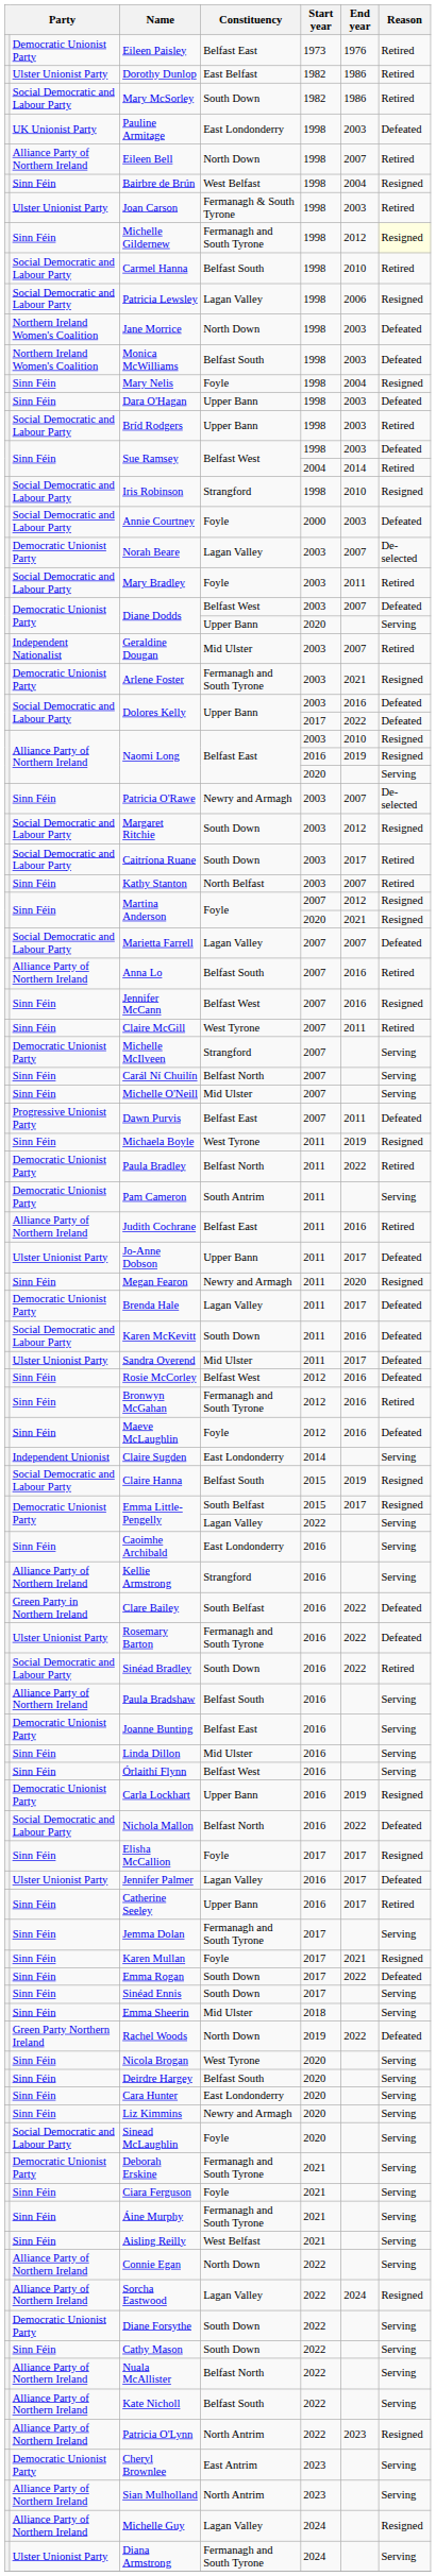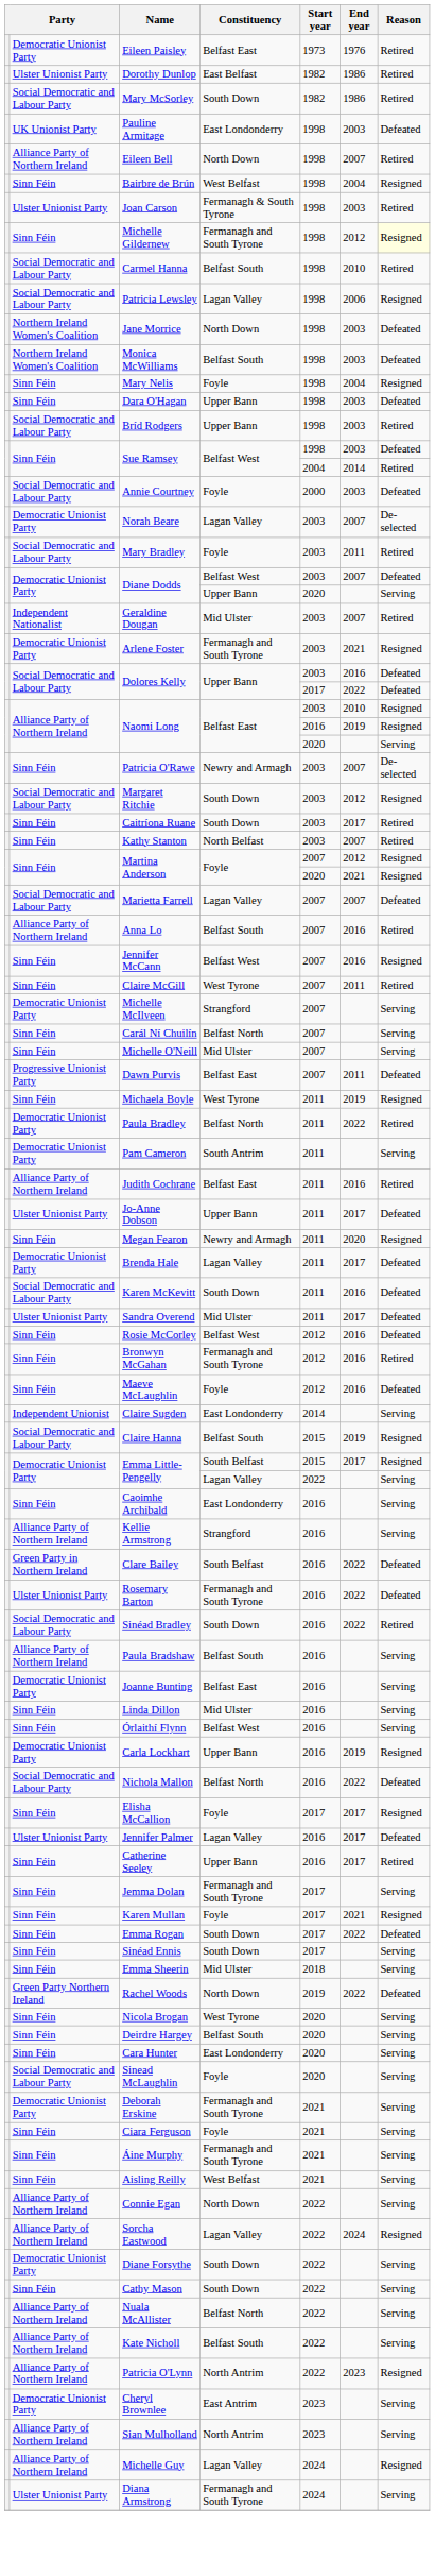 <table class="wikitable sortable">
 <tr>
 <th colspan=2>Party</th>
 <th>Name</th>
 <th>Constituency</th>
 <th>Start year</th>
 <th>End year</th>
 <th>Reason</th>
 </tr>
 <tr>
 <th style="background-color: "></th>
 <td><a href='#'>Democratic Unionist Party</a></td>
 <td><a href='#'>Eileen Paisley</a></td>
 <td>Belfast East</td>
 <td>1973</td>
 <td>1976</td>
 <td>Retired</td>
 </tr>
 <tr>
 <th style="background-color: "></th>
 <td><a href='#'>Ulster Unionist Party</a></td>
 <td><a href='#'>Dorothy Dunlop</a></td>
 <td>East Belfast</td>
 <td>1982</td>
 <td>1986</td>
 <td>Retired</td>
 </tr>
 <tr>
 <th style="background-color: "></th>
 <td><a href='#'>Social Democratic and Labour Party</a></td>
 <td><a href='#'>Mary McSorley</a></td>
 <td>South Down</td>
 <td>1982</td>
 <td>1986</td>
 <td>Retired</td>
 </tr>
 <tr>
 <th style="background-color: "></th>
 <td><a href='#'>UK Unionist Party</a></td>
 <td><a href='#'>Pauline Armitage</a></td>
 <td>East Londonderry</td>
 <td>1998</td>
 <td>2003</td>
 <td>Defeated</td>
 </tr>
 <tr>
 <th style="background-color: "></th>
 <td><a href='#'>Alliance Party of Northern Ireland</a></td>
 <td><a href='#'>Eileen Bell</a></td>
 <td>North Down</td>
 <td>1998</td>
 <td>2007</td>
 <td>Retired</td>
 </tr>
 <tr>
 <th style="background-color: "></th>
 <td><a href='#'>Sinn Féin</a></td>
 <td><a href='#'>Bairbre de Brún</a></td>
 <td>West Belfast</td>
 <td>1998</td>
 <td>2004</td>
 <td>Resigned</td>
 </tr>
 <tr>
 <th style="background-color: "></th>
 <td><a href='#'>Ulster Unionist Party</a></td>
 <td><a href='#'>Joan Carson</a></td>
 <td>Fermanagh & South Tyrone</td>
 <td>1998</td>
 <td>2003</td>
 <td>Retired</td>
 </tr>
 <tr>
 <th style="background-color: "></th>
 <td><a href='#'>Sinn Féin</a></td>
 <td><a href='#'>Michelle Gildernew</a></td>
 <td>Fermanagh and South Tyrone</td>
 <td>1998</td>
 <td>2012</td>
 <td style="background: lightyellow;">Resigned</td>
 </tr>
 <tr>
 <th style="background-color: "></th>
 <td><a href='#'>Social Democratic and Labour Party</a></td>
 <td><a href='#'>Carmel Hanna</a></td>
 <td>Belfast South</td>
 <td>1998</td>
 <td>2010</td>
 <td>Retired</td>
 </tr>
 <tr>
 <th style="background-color: "></th>
 <td><a href='#'>Social Democratic and Labour Party</a></td>
 <td><a href='#'>Patricia Lewsley</a></td>
 <td>Lagan Valley</td>
 <td>1998</td>
 <td>2006</td>
 <td>Resigned</td>
 </tr>
 <tr>
 <th style="background-color: "></th>
 <td><a href='#'>Northern Ireland Women's Coalition</a></td>
 <td><a href='#'>Jane Morrice</a></td>
 <td>North Down</td>
 <td>1998</td>
 <td>2003</td>
 <td>Defeated</td>
 </tr>
 <tr>
 <th style="background-color: "></th>
 <td><a href='#'>Northern Ireland Women's Coalition</a></td>
 <td><a href='#'>Monica McWilliams</a></td>
 <td>Belfast South</td>
 <td>1998</td>
 <td>2003</td>
 <td>Defeated</td>
 </tr>
 <tr>
 <th style="background-color: "></th>
 <td><a href='#'>Sinn Féin</a></td>
 <td><a href='#'>Mary Nelis</a></td>
 <td>Foyle</td>
 <td>1998</td>
 <td>2004</td>
 <td>Resigned</td>
 </tr>
 <tr>
 <th style="background-color: "></th>
 <td><a href='#'>Sinn Féin</a></td>
 <td><a href='#'>Dara O'Hagan</a></td>
 <td>Upper Bann</td>
 <td>1998</td>
 <td>2003</td>
 <td>Defeated</td>
 </tr>
 <tr>
 <th style="background-color: "></th>
 <td><a href='#'>Social Democratic and Labour Party</a></td>
 <td><a href='#'>Bríd Rodgers</a></td>
 <td>Upper Bann</td>
 <td>1998</td>
 <td>2003</td>
 <td>Retired</td>
 </tr>
 <tr>
 <th rowspan=2 style="background-color: "></th>
 <td rowspan=2><a href='#'>Sinn Féin</a></td>
 <td rowspan=2><a href='#'>Sue Ramsey</a></td>
 <td rowspan=2>Belfast West</td>
 <td>1998</td>
 <td>2003</td>
 <td>Defeated</td>
 </tr>
 <tr>
 <td>2004</td>
 <td>2014</td>
 <td>Retired</td>
 </tr>
 <tr>
 <th style="background-color: "></th>
 <td><a href='#'>Social Democratic and Labour Party</a></td>
-<td><a href='#'>Iris Robinson</a></td>
-<td>Strangford</td>
-<td>1998</td>
-<td>2010</td>
-<td>Resigned</td>
-</tr>
-<tr>
-<th style="background-color: "></th>
-<td><a href='#'>Social Democratic and Labour Party</a></td>
 <td><a href='#'>Annie Courtney</a></td>
 <td>Foyle</td>
 <td>2000</td>
 <td>2003</td>
 <td>Defeated</td>
 </tr>
 <tr>
 <th style="background-color: "></th>
 <td><a href='#'>Democratic Unionist Party</a></td>
 <td><a href='#'>Norah Beare</a></td>
 <td>Lagan Valley</td>
 <td>2003</td>
 <td>2007</td>
 <td>De-selected</td>
 </tr>
 <tr>
 <th style="background-color: "></th>
 <td><a href='#'>Social Democratic and Labour Party</a></td>
 <td><a href='#'>Mary Bradley</a></td>
 <td>Foyle</td>
 <td>2003</td>
 <td>2011</td>
 <td>Retired</td>
 </tr>
 <tr>
 <th rowspan=2 style="background-color: "></th>
 <td rowspan=2><a href='#'>Democratic Unionist Party</a></td>
 <td rowspan=2><a href='#'>Diane Dodds</a></td>
 <td>Belfast West</td>
 <td>2003</td>
 <td>2007</td>
 <td>Defeated</td>
 </tr>
 <tr>
 <td>Upper Bann</td>
 <td>2020</td>
 <td></td>
 <td>Serving</td>
 </tr>
 <tr>
 <th style="background-color: "></th>
 <td><a href='#'>Independent Nationalist</a></td>
 <td><a href='#'>Geraldine Dougan</a></td>
 <td>Mid Ulster</td>
 <td>2003</td>
 <td>2007</td>
 <td>Retired</td>
 </tr>
 <tr>
 <th style="background-color: "></th>
 <td><a href='#'>Democratic Unionist Party</a></td>
 <td><a href='#'>Arlene Foster</a></td>
 <td>Fermanagh and South Tyrone</td>
 <td>2003</td>
 <td>2021</td>
 <td>Resigned</td>
 </tr>
 <tr>
 <th rowspan=2 style="background-color: "></th>
 <td rowspan=2><a href='#'>Social Democratic and Labour Party</a></td>
 <td rowspan=2><a href='#'>Dolores Kelly</a></td>
 <td rowspan=2>Upper Bann</td>
 <td>2003</td>
 <td>2016</td>
 <td>Defeated</td>
 </tr>
 <tr>
 <td>2017</td>
 <td>2022</td>
 <td>Defeated</td>
 </tr>
 <tr>
 <th rowspan=3 style="background-color: "></th>
 <td rowspan=3><a href='#'>Alliance Party of Northern Ireland</a></td>
 <td rowspan=3><a href='#'>Naomi Long</a></td>
 <td rowspan=3>Belfast East</td>
 <td>2003</td>
 <td>2010</td>
 <td>Resigned</td>
 </tr>
 <tr>
 <td>2016</td>
 <td>2019</td>
 <td>Resigned</td>
 </tr>
 <tr>
 <td>2020</td>
 <td></td>
 <td>Serving</td>
 </tr>
 <tr>
 <th style="background-color: "></th>
 <td><a href='#'>Sinn Féin</a></td>
 <td><a href='#'>Patricia O'Rawe</a></td>
 <td>Newry and Armagh</td>
 <td>2003</td>
 <td>2007</td>
 <td>De-selected</td>
 </tr>
 <tr>
 <th style="background-color: "></th>
 <td><a href='#'>Social Democratic and Labour Party</a></td>
 <td><a href='#'>Margaret Ritchie</a></td>
 <td>South Down</td>
 <td>2003</td>
 <td>2012</td>
 <td>Resigned</td>
 </tr>
 <tr>
 <th style="background-color: "></th>
-<td><a href='#'>Social Democratic and Labour Party</a></td>
+<td><a href='#'>Sinn Féin</a></td>
 <td><a href='#'>Caitríona Ruane</a></td>
 <td>South Down</td>
 <td>2003</td>
 <td>2017</td>
 <td>Retired</td>
 </tr>
 <tr>
 <th style="background-color: "></th>
 <td><a href='#'>Sinn Féin</a></td>
 <td><a href='#'>Kathy Stanton</a></td>
 <td>North Belfast</td>
 <td>2003</td>
 <td>2007</td>
 <td>Retired</td>
 </tr>
 <tr>
 <th rowspan=2 style="background-color: "></th>
 <td rowspan=2><a href='#'>Sinn Féin</a></td>
 <td rowspan=2><a href='#'>Martina Anderson</a></td>
 <td rowspan=2>Foyle</td>
 <td>2007</td>
 <td>2012</td>
 <td>Resigned</td>
 </tr>
 <tr>
 <td>2020</td>
 <td>2021</td>
 <td>Resigned</td>
 </tr>
 <tr>
 <th style="background-color: "></th>
 <td><a href='#'>Social Democratic and Labour Party</a></td>
 <td><a href='#'>Marietta Farrell</a></td>
 <td>Lagan Valley</td>
 <td>2007</td>
 <td>2007</td>
 <td>Defeated</td>
 </tr>
 <tr>
 <th style="background-color: "></th>
 <td><a href='#'>Alliance Party of Northern Ireland</a></td>
 <td><a href='#'>Anna Lo</a></td>
 <td>Belfast South</td>
 <td>2007</td>
 <td>2016</td>
 <td>Retired</td>
 </tr>
 <tr>
 <th style="background-color: "></th>
 <td><a href='#'>Sinn Féin</a></td>
 <td><a href='#'>Jennifer McCann</a></td>
 <td>Belfast West</td>
 <td>2007</td>
 <td>2016</td>
 <td>Resigned</td>
 </tr>
 <tr>
 <th style="background-color: "></th>
 <td><a href='#'>Sinn Féin</a></td>
 <td><a href='#'>Claire McGill</a></td>
 <td>West Tyrone</td>
 <td>2007</td>
 <td>2011</td>
 <td>Retired</td>
 </tr>
 <tr>
 <th style="background-color: "></th>
 <td><a href='#'>Democratic Unionist Party</a></td>
 <td><a href='#'>Michelle McIlveen</a></td>
 <td>Strangford</td>
 <td>2007</td>
 <td></td>
 <td>Serving</td>
 </tr>
 <tr>
 <th style="background-color: "></th>
 <td><a href='#'>Sinn Féin</a></td>
 <td><a href='#'>Carál Ní Chuilín</a></td>
 <td>Belfast North</td>
 <td>2007</td>
 <td></td>
 <td>Serving</td>
 </tr>
 <tr>
 <th style="background-color: "></th>
 <td><a href='#'>Sinn Féin</a></td>
 <td><a href='#'>Michelle O'Neill</a></td>
 <td>Mid Ulster</td>
 <td>2007</td>
 <td></td>
 <td>Serving</td>
 </tr>
 <tr>
 <th style="background-color: "></th>
 <td><a href='#'>Progressive Unionist Party</a></td>
 <td><a href='#'>Dawn Purvis</a></td>
 <td>Belfast East</td>
 <td>2007</td>
 <td>2011</td>
 <td>Defeated</td>
 </tr>
 <tr>
 <th style="background-color: "></th>
 <td><a href='#'>Sinn Féin</a></td>
 <td><a href='#'>Michaela Boyle</a></td>
 <td>West Tyrone</td>
 <td>2011</td>
 <td>2019</td>
 <td>Resigned</td>
 </tr>
 <tr>
 <th style="background-color: "></th>
 <td><a href='#'>Democratic Unionist Party</a></td>
 <td><a href='#'>Paula Bradley</a></td>
 <td>Belfast North</td>
 <td>2011</td>
 <td>2022</td>
 <td>Retired</td>
 </tr>
 <tr>
 <th style="background-color: "></th>
 <td><a href='#'>Democratic Unionist Party</a></td>
 <td><a href='#'>Pam Cameron</a></td>
 <td>South Antrim</td>
 <td>2011</td>
 <td></td>
 <td>Serving</td>
 </tr>
 <tr>
 <th style="background-color: "></th>
 <td><a href='#'>Alliance Party of Northern Ireland</a></td>
 <td><a href='#'>Judith Cochrane</a></td>
 <td>Belfast East</td>
 <td>2011</td>
 <td>2016</td>
 <td>Retired</td>
 </tr>
 <tr>
 <th style="background-color: "></th>
 <td><a href='#'>Ulster Unionist Party</a></td>
 <td><a href='#'>Jo-Anne Dobson</a></td>
 <td>Upper Bann</td>
 <td>2011</td>
 <td>2017</td>
 <td>Defeated</td>
 </tr>
 <tr>
 <th style="background-color: "></th>
 <td><a href='#'>Sinn Féin</a></td>
 <td><a href='#'>Megan Fearon</a></td>
 <td>Newry and Armagh</td>
 <td>2011</td>
 <td>2020</td>
 <td>Resigned</td>
 </tr>
 <tr>
 <th style="background-color: "></th>
 <td><a href='#'>Democratic Unionist Party</a></td>
 <td><a href='#'>Brenda Hale</a></td>
 <td>Lagan Valley</td>
 <td>2011</td>
 <td>2017</td>
 <td>Defeated</td>
 </tr>
 <tr>
 <th style="background-color: "></th>
 <td><a href='#'>Social Democratic and Labour Party</a></td>
 <td><a href='#'>Karen McKevitt</a></td>
 <td>South Down</td>
 <td>2011</td>
 <td>2016</td>
 <td>Defeated</td>
 </tr>
 <tr>
 <th style="background-color: "></th>
 <td><a href='#'>Ulster Unionist Party</a></td>
 <td><a href='#'>Sandra Overend</a></td>
 <td>Mid Ulster</td>
 <td>2011</td>
 <td>2017</td>
 <td>Defeated</td>
 </tr>
 <tr>
 <th style="background-color: "></th>
 <td><a href='#'>Sinn Féin</a></td>
 <td><a href='#'>Rosie McCorley</a></td>
 <td>Belfast West</td>
 <td>2012</td>
 <td>2016</td>
 <td>Defeated</td>
 </tr>
 <tr>
 <th style="background-color: "></th>
 <td><a href='#'>Sinn Féin</a></td>
 <td><a href='#'>Bronwyn McGahan</a></td>
 <td>Fermanagh and South Tyrone</td>
 <td>2012</td>
 <td>2016</td>
 <td>Retired</td>
 </tr>
 <tr>
 <th style="background-color: "></th>
 <td><a href='#'>Sinn Féin</a></td>
 <td><a href='#'>Maeve McLaughlin</a></td>
 <td>Foyle</td>
 <td>2012</td>
 <td>2016</td>
 <td>Defeated</td>
 </tr>
 <tr>
 <th style="background-color: "></th>
 <td><a href='#'>Independent Unionist</a></td>
 <td><a href='#'>Claire Sugden</a></td>
 <td>East Londonderry</td>
 <td>2014</td>
 <td></td>
 <td>Serving</td>
 </tr>
 <tr>
 <th style="background-color: "></th>
 <td><a href='#'>Social Democratic and Labour Party</a></td>
 <td><a href='#'>Claire Hanna</a></td>
 <td>Belfast South</td>
 <td>2015</td>
 <td>2019</td>
 <td>Resigned</td>
 </tr>
 <tr>
 <th rowspan=2 style="background-color: "></th>
 <td rowspan=2><a href='#'>Democratic Unionist Party</a></td>
 <td rowspan=2><a href='#'>Emma Little-Pengelly</a></td>
 <td>South Belfast</td>
 <td>2015</td>
 <td>2017</td>
 <td>Resigned</td>
 </tr>
 <tr>
 <td>Lagan Valley</td>
 <td>2022</td>
 <td></td>
 <td>Serving</td>
 </tr>
 <tr>
 <th style="background-color: "></th>
 <td><a href='#'>Sinn Féin</a></td>
 <td><a href='#'>Caoimhe Archibald</a></td>
 <td>East Londonderry</td>
 <td>2016</td>
 <td></td>
 <td>Serving</td>
 </tr>
 <tr>
 <th style="background-color: "></th>
 <td><a href='#'>Alliance Party of Northern Ireland</a></td>
 <td><a href='#'>Kellie Armstrong</a></td>
 <td>Strangford</td>
 <td>2016</td>
 <td></td>
 <td>Serving</td>
 </tr>
 <tr>
 <th style="background-color: "></th>
 <td><a href='#'>Green Party in Northern Ireland</a></td>
 <td><a href='#'>Clare Bailey</a></td>
 <td>South Belfast</td>
 <td>2016</td>
 <td>2022</td>
 <td>Defeated</td>
 </tr>
 <tr>
 <th style="background-color: "></th>
 <td><a href='#'>Ulster Unionist Party</a></td>
 <td><a href='#'>Rosemary Barton</a></td>
 <td>Fermanagh and South Tyrone</td>
 <td>2016</td>
 <td>2022</td>
 <td>Defeated</td>
 </tr>
 <tr>
 <th style="background-color: "></th>
 <td><a href='#'>Social Democratic and Labour Party</a></td>
 <td><a href='#'>Sinéad Bradley</a></td>
 <td>South Down</td>
 <td>2016</td>
 <td>2022</td>
 <td>Retired</td>
 </tr>
 <tr>
 <th style="background-color: "></th>
 <td><a href='#'>Alliance Party of Northern Ireland</a></td>
 <td><a href='#'>Paula Bradshaw</a></td>
 <td>Belfast South</td>
 <td>2016</td>
 <td></td>
 <td>Serving</td>
 </tr>
 <tr>
 <th style="background-color: "></th>
 <td><a href='#'>Democratic Unionist Party</a></td>
 <td><a href='#'>Joanne Bunting</a></td>
 <td>Belfast East</td>
 <td>2016</td>
 <td></td>
 <td>Serving</td>
 </tr>
 <tr>
 <th style="background-color: "></th>
 <td><a href='#'>Sinn Féin</a></td>
 <td><a href='#'>Linda Dillon</a></td>
 <td>Mid Ulster</td>
 <td>2016</td>
 <td></td>
 <td>Serving</td>
 </tr>
 <tr>
 <th style="background-color: "></th>
 <td><a href='#'>Sinn Féin</a></td>
 <td><a href='#'>Órlaithí Flynn</a></td>
 <td>Belfast West</td>
 <td>2016</td>
 <td></td>
 <td>Serving</td>
 </tr>
 <tr>
 <th style="background-color: "></th>
 <td><a href='#'>Democratic Unionist Party</a></td>
 <td><a href='#'>Carla Lockhart</a></td>
 <td>Upper Bann</td>
 <td>2016</td>
 <td>2019</td>
 <td>Resigned</td>
 </tr>
 <tr>
 <th style="background-color: "></th>
 <td><a href='#'>Social Democratic and Labour Party</a></td>
 <td><a href='#'>Nichola Mallon</a></td>
 <td>Belfast North</td>
 <td>2016</td>
 <td>2022</td>
 <td>Defeated</td>
 </tr>
 <tr>
 <th style="background-color: "></th>
 <td><a href='#'>Sinn Féin</a></td>
 <td><a href='#'>Elisha McCallion</a></td>
 <td>Foyle</td>
 <td>2017</td>
 <td>2017</td>
 <td>Resigned</td>
 </tr>
 <tr>
 <th style="background-color: "></th>
 <td><a href='#'>Ulster Unionist Party</a></td>
 <td><a href='#'>Jennifer Palmer</a></td>
 <td>Lagan Valley</td>
 <td>2016</td>
 <td>2017</td>
 <td>Defeated</td>
 </tr>
 <tr>
 <th style="background-color: "></th>
 <td><a href='#'>Sinn Féin</a></td>
 <td><a href='#'>Catherine Seeley</a></td>
 <td>Upper Bann</td>
 <td>2016</td>
 <td>2017</td>
 <td>Retired</td>
 </tr>
 <tr>
 <th style="background-color: "></th>
 <td><a href='#'>Sinn Féin</a></td>
 <td><a href='#'>Jemma Dolan</a></td>
 <td>Fermanagh and South Tyrone</td>
 <td>2017</td>
 <td></td>
 <td>Serving</td>
 </tr>
 <tr>
 <th style="background-color: "></th>
 <td><a href='#'>Sinn Féin</a></td>
 <td><a href='#'>Karen Mullan</a></td>
 <td>Foyle</td>
 <td>2017</td>
 <td>2021</td>
 <td>Resigned</td>
 </tr>
 <tr>
 <th style="background-color: "></th>
 <td><a href='#'>Sinn Féin</a></td>
 <td><a href='#'>Emma Rogan</a></td>
 <td>South Down</td>
 <td>2017</td>
 <td>2022</td>
 <td>Defeated</td>
 </tr>
 <tr>
 <th style="background-color: "></th>
 <td><a href='#'>Sinn Féin</a></td>
 <td><a href='#'>Sinéad Ennis</a></td>
 <td>South Down</td>
 <td>2017</td>
 <td></td>
 <td>Serving</td>
 </tr>
 <tr>
 <th style="background-color: "></th>
 <td><a href='#'>Sinn Féin</a></td>
 <td><a href='#'>Emma Sheerin</a></td>
 <td>Mid Ulster</td>
 <td>2018</td>
 <td></td>
 <td>Serving</td>
 </tr>
 <tr>
 <th style="background-color: "></th>
 <td><a href='#'>Green Party Northern Ireland</a></td>
 <td><a href='#'>Rachel Woods</a></td>
 <td>North Down</td>
 <td>2019</td>
 <td>2022</td>
 <td>Defeated</td>
 </tr>
 <tr>
 <th style="background-color: "></th>
 <td><a href='#'>Sinn Féin</a></td>
 <td><a href='#'>Nicola Brogan</a></td>
 <td>West Tyrone</td>
 <td>2020</td>
 <td></td>
 <td>Serving</td>
 </tr>
 <tr>
 <th style="background-color: "></th>
 <td><a href='#'>Sinn Féin</a></td>
 <td><a href='#'>Deirdre Hargey</a></td>
 <td>Belfast South</td>
 <td>2020</td>
 <td></td>
 <td>Serving</td>
 </tr>
 <tr>
 <th style="background-color: "></th>
 <td><a href='#'>Sinn Féin</a></td>
 <td><a href='#'>Cara Hunter</a></td>
 <td>East Londonderry</td>
 <td>2020</td>
 <td></td>
 <td>Serving</td>
 </tr>
 <tr>
 <th style="background-color: "></th>
-<td><a href='#'>Sinn Féin</a></td>
-<td><a href='#'>Liz Kimmins</a></td>
-<td>Newry and Armagh</td>
-<td>2020</td>
-<td></td>
-<td>Serving</td>
-</tr>
-<tr>
-<th style="background-color: "></th>
 <td><a href='#'>Social Democratic and Labour Party</a></td>
 <td><a href='#'>Sinead McLaughlin</a></td>
 <td>Foyle</td>
 <td>2020</td>
 <td></td>
 <td>Serving</td>
 </tr>
 <tr>
 <th style="background-color: "></th>
 <td><a href='#'>Democratic Unionist Party</a></td>
 <td><a href='#'>Deborah Erskine</a></td>
 <td>Fermanagh and South Tyrone</td>
 <td>2021</td>
 <td></td>
 <td>Serving</td>
 </tr>
 <tr>
 <th style="background-color: "></th>
 <td><a href='#'>Sinn Féin</a></td>
 <td><a href='#'>Ciara Ferguson</a></td>
 <td>Foyle</td>
 <td>2021</td>
 <td></td>
 <td>Serving</td>
 </tr>
 <tr>
 <th style="background-color: "></th>
 <td><a href='#'>Sinn Féin</a></td>
 <td><a href='#'>Áine Murphy</a></td>
 <td>Fermanagh and South Tyrone</td>
 <td>2021</td>
 <td></td>
 <td>Serving</td>
 </tr>
 <tr>
 <th style="background-color: "></th>
 <td><a href='#'>Sinn Féin</a></td>
 <td><a href='#'>Aisling Reilly</a></td>
 <td>West Belfast</td>
 <td>2021</td>
 <td></td>
 <td>Serving</td>
 </tr>
 <tr>
 <th style="background-color: "></th>
 <td><a href='#'>Alliance Party of Northern Ireland</a></td>
 <td><a href='#'>Connie Egan</a></td>
 <td>North Down</td>
 <td>2022</td>
 <td></td>
 <td>Serving</td>
 </tr>
 <tr>
 <th style="background-color: "></th>
 <td><a href='#'>Alliance Party of Northern Ireland</a></td>
 <td><a href='#'>Sorcha Eastwood</a></td>
 <td>Lagan Valley</td>
 <td>2022</td>
 <td>2024</td>
 <td>Resigned</td>
 </tr>
 <tr>
 <th style="background-color: "></th>
 <td><a href='#'>Democratic Unionist Party</a></td>
 <td><a href='#'>Diane Forsythe</a></td>
 <td>South Down</td>
 <td>2022</td>
 <td></td>
 <td>Serving</td>
 </tr>
 <tr>
 <th style="background-color: "></th>
 <td><a href='#'>Sinn Féin</a></td>
 <td><a href='#'>Cathy Mason</a></td>
 <td>South Down</td>
 <td>2022</td>
 <td></td>
 <td>Serving</td>
 </tr>
 <tr>
 <th style="background-color: "></th>
 <td><a href='#'>Alliance Party of Northern Ireland</a></td>
 <td><a href='#'>Nuala McAllister</a></td>
 <td>Belfast North</td>
 <td>2022</td>
 <td></td>
 <td>Serving</td>
 </tr>
 <tr>
 <th style="background-color: "></th>
 <td><a href='#'>Alliance Party of Northern Ireland</a></td>
 <td><a href='#'>Kate Nicholl</a></td>
 <td>Belfast South</td>
 <td>2022</td>
 <td></td>
 <td>Serving</td>
 </tr>
 <tr>
 <th style="background-color: "></th>
 <td><a href='#'>Alliance Party of Northern Ireland</a></td>
 <td><a href='#'>Patricia O'Lynn</a></td>
 <td>North Antrim</td>
 <td>2022</td>
 <td>2023</td>
 <td>Resigned</td>
 </tr>
 <tr>
 <th style="background-color: "></th>
 <td><a href='#'>Democratic Unionist Party</a></td>
 <td><a href='#'>Cheryl Brownlee</a></td>
 <td>East Antrim</td>
 <td>2023</td>
 <td></td>
 <td>Serving</td>
 </tr>
 <tr>
 <th style="background-color: "></th>
 <td><a href='#'>Alliance Party of Northern Ireland</a></td>
 <td><a href='#'>Sian Mulholland</a></td>
 <td>North Antrim</td>
 <td>2023</td>
 <td></td>
 <td>Serving</td>
 </tr>
 <tr>
 <th style="background-color: "></th>
 <td><a href='#'>Alliance Party of Northern Ireland</a></td>
 <td><a href='#'>Michelle Guy</a></td>
 <td>Lagan Valley</td>
 <td>2024</td>
 <td></td>
 <td>Resigned</td>
 </tr>
 <tr>
 <th style="background-color: "></th>
 <td><a href='#'>Ulster Unionist Party</a></td>
 <td><a href='#'>Diana Armstrong</a></td>
 <td>Fermanagh and South Tyrone</td>
 <td>2024</td>
 <td></td>
 <td>Serving</td>
 </tr>
 <tr>
 </tr>
 </table>
